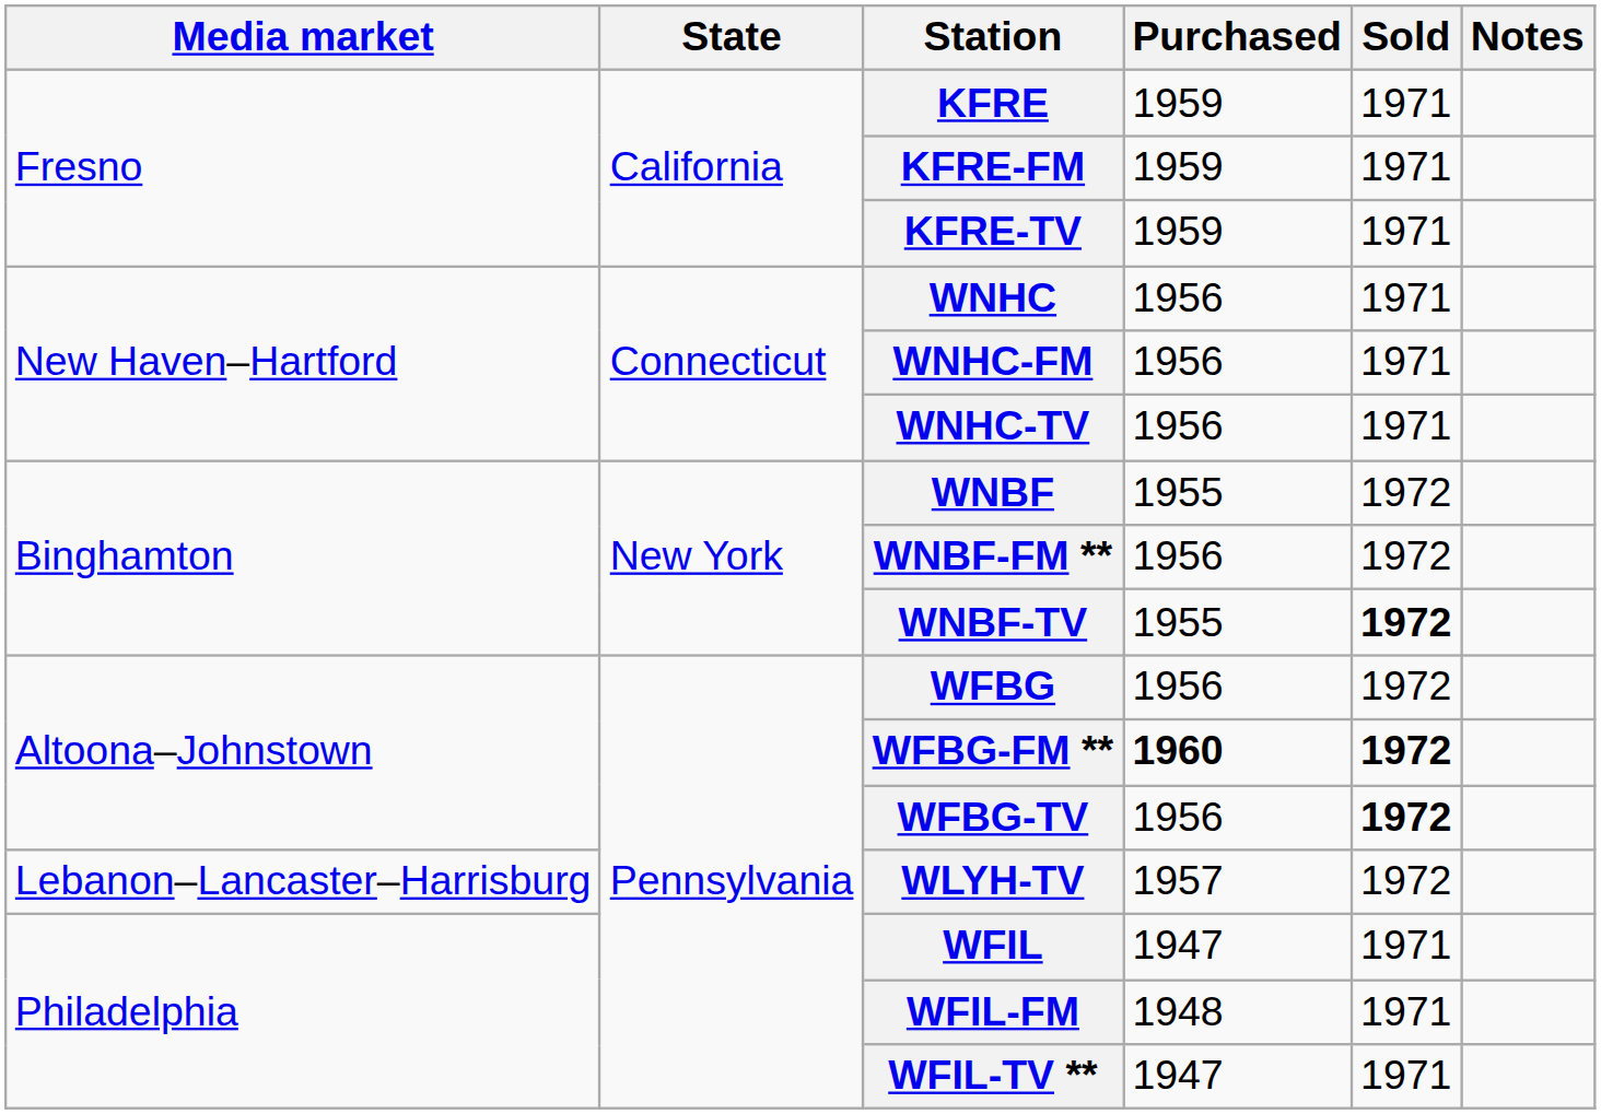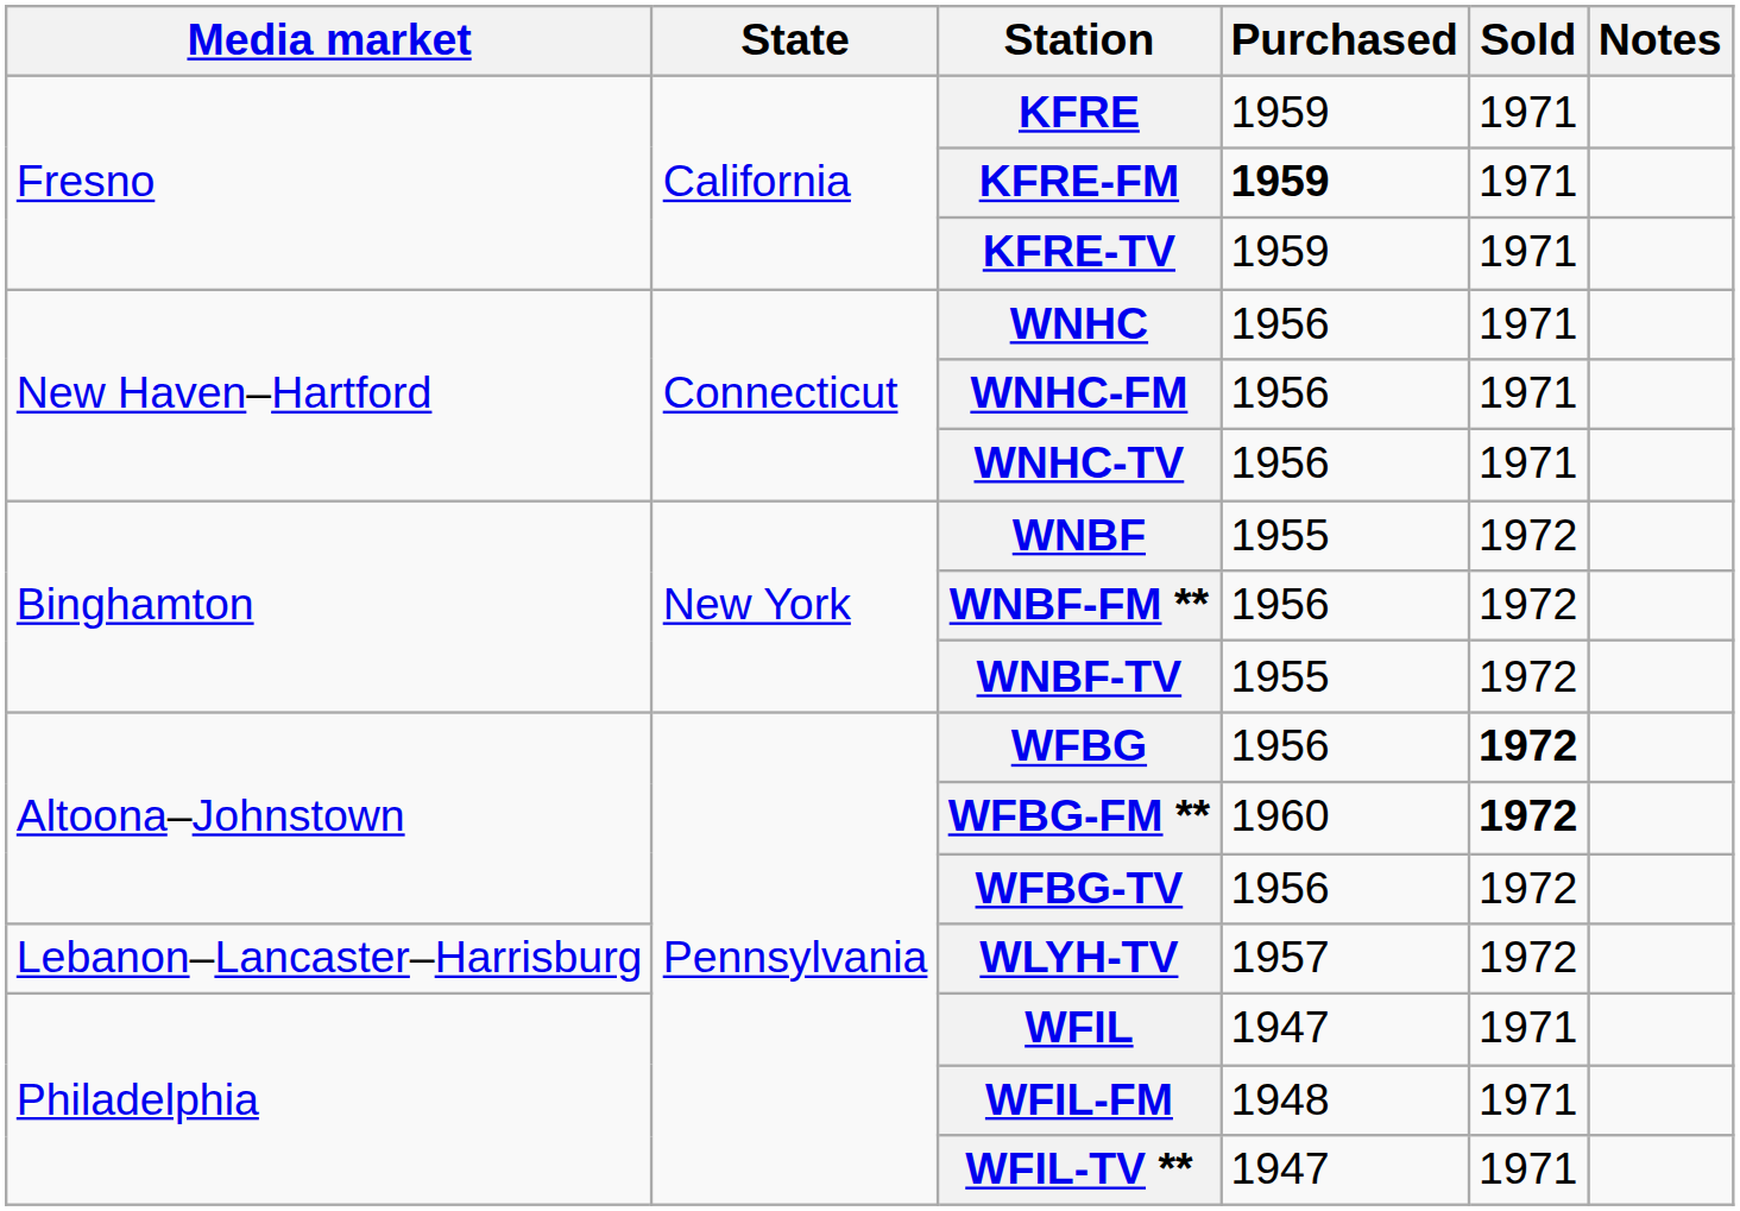 <table class="wikitable sortable">
 <tr>
 <th scope="col"><a href='#'>Media market</a></th>
 <th scope="col">State</th>
 <th scope="col">Station</th>
 <th scope="col">Purchased</th>
 <th scope="col">Sold</th>
 <th scope="col" class="unsortable">Notes</th>
 </tr>
 <tr>
 <td rowspan="3"><a href='#'>Fresno</a></td>
 <td rowspan="3"><a href='#'>California</a></td>
 <th scope="row"><a href='#'>KFRE</a></th>
 <td>1959</td>
 <td>1971</td>
 <td></td>
 </tr>
 <tr>
 <th scope="row"><a href='#'>KFRE-FM</a></th>
-<td>1959</td>
+<td><strong>1959</strong></td>
 <td>1971</td>
 <td></td>
 </tr>
 <tr>
 <th scope="row"><a href='#'>KFRE-TV</a></th>
 <td>1959</td>
 <td>1971</td>
 <td></td>
 </tr>
 <tr>
 <td rowspan="3"><a href='#'>New Haven</a>–<a href='#'>Hartford</a></td>
 <td rowspan="3"><a href='#'>Connecticut</a></td>
 <th scope="row"><a href='#'>WNHC</a></th>
 <td>1956</td>
 <td>1971</td>
 <td></td>
 </tr>
 <tr>
 <th scope="row"><a href='#'>WNHC-FM</a></th>
 <td>1956</td>
 <td>1971</td>
 <td></td>
 </tr>
 <tr>
 <th scope="row"><a href='#'>WNHC-TV</a></th>
 <td>1956</td>
 <td>1971</td>
 <td></td>
 </tr>
 <tr>
 <td rowspan="3"><a href='#'>Binghamton</a></td>
 <td rowspan="3"><a href='#'>New York</a></td>
 <th scope="row"><a href='#'>WNBF</a></th>
 <td>1955</td>
 <td>1972</td>
 <td></td>
 </tr>
 <tr>
 <th scope="row"><a href='#'>WNBF-FM</a> **</th>
 <td>1956</td>
 <td>1972</td>
 <td></td>
 </tr>
 <tr>
 <th scope="row"><a href='#'>WNBF-TV</a></th>
 <td>1955</td>
-<td><strong>1972</strong></td>
+<td>1972</td>
 <td></td>
 </tr>
 <tr>
 <td rowspan="3"><a href='#'>Altoona</a>–<a href='#'>Johnstown</a></td>
 <td rowspan="7"><a href='#'>Pennsylvania</a></td>
 <th scope="row"><a href='#'>WFBG</a></th>
 <td>1956</td>
-<td>1972</td>
+<td><strong>1972</strong></td>
 <td></td>
 </tr>
 <tr>
 <th scope="row"><a href='#'>WFBG-FM</a> **</th>
-<td><strong>1960</strong></td>
+<td>1960</td>
 <td><strong>1972</strong></td>
 <td></td>
 </tr>
 <tr>
 <th scope="row"><a href='#'>WFBG-TV</a></th>
 <td>1956</td>
-<td><strong>1972</strong></td>
+<td>1972</td>
 <td></td>
 </tr>
 <tr>
 <td><a href='#'>Lebanon</a>–<a href='#'>Lancaster</a>–<a href='#'>Harrisburg</a></td>
 <th scope="row"><a href='#'>WLYH-TV</a></th>
 <td>1957</td>
 <td>1972</td>
 <td></td>
 </tr>
 <tr>
 <td rowspan="3"><a href='#'>Philadelphia</a></td>
 <th scope="row"><a href='#'>WFIL</a></th>
 <td>1947</td>
 <td>1971</td>
 <td></td>
 </tr>
 <tr>
 <th scope="row"><a href='#'>WFIL-FM</a></th>
 <td>1948</td>
 <td>1971</td>
 <td></td>
 </tr>
 <tr>
 <th scope="row"><a href='#'>WFIL-TV</a> **</th>
 <td>1947</td>
 <td>1971</td>
 <td></td>
 </tr>
 </table>
